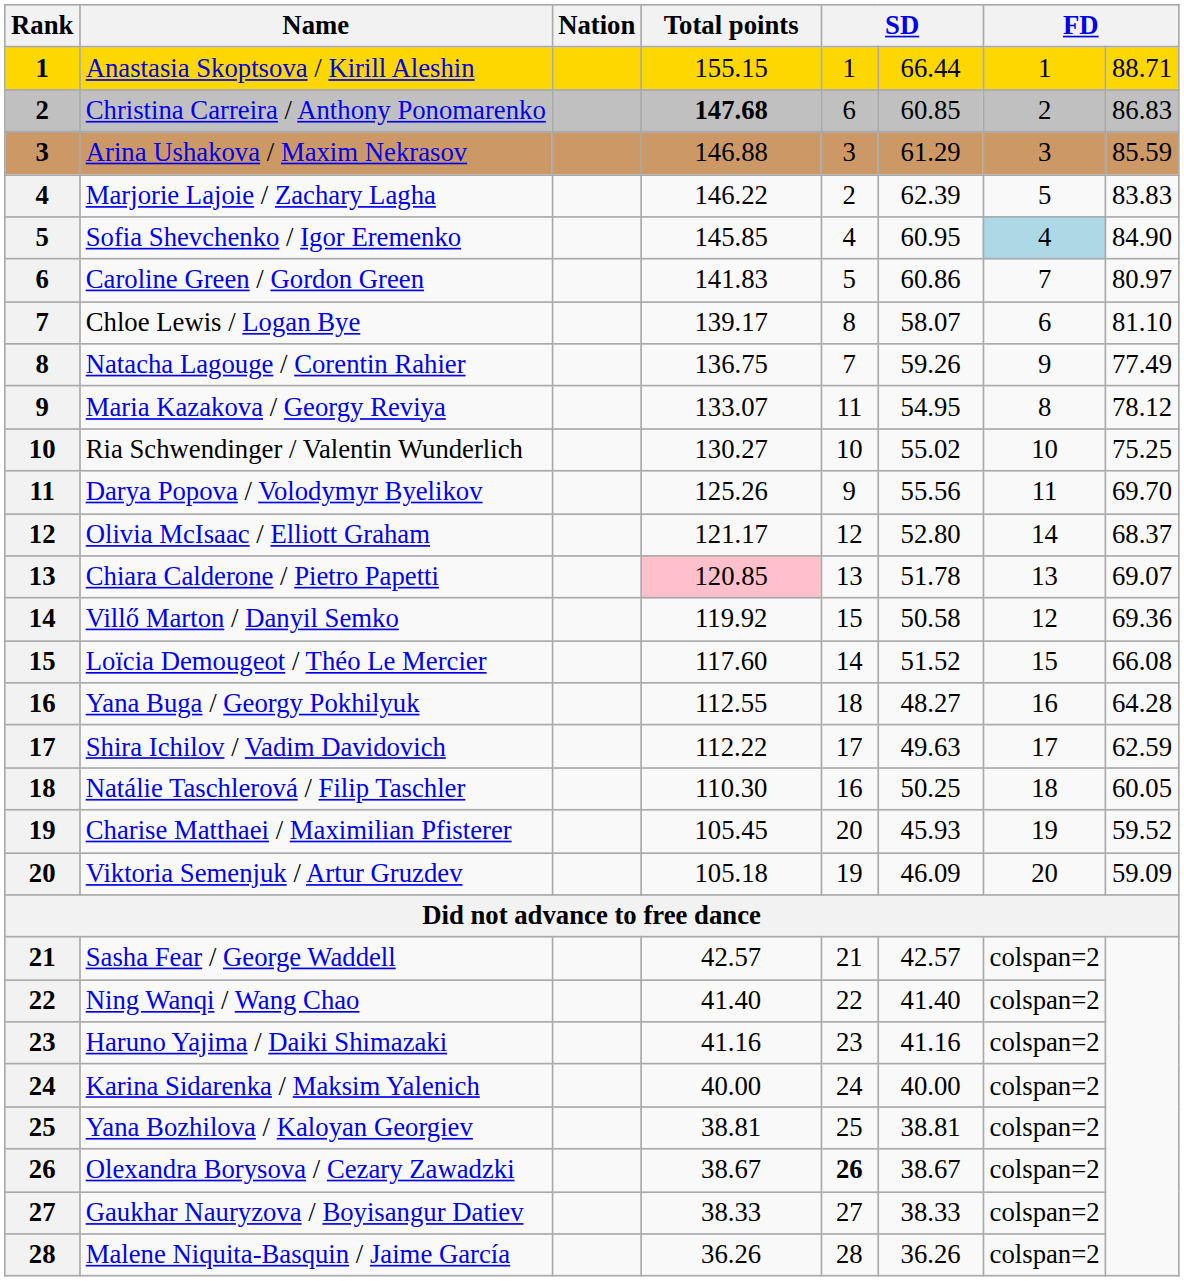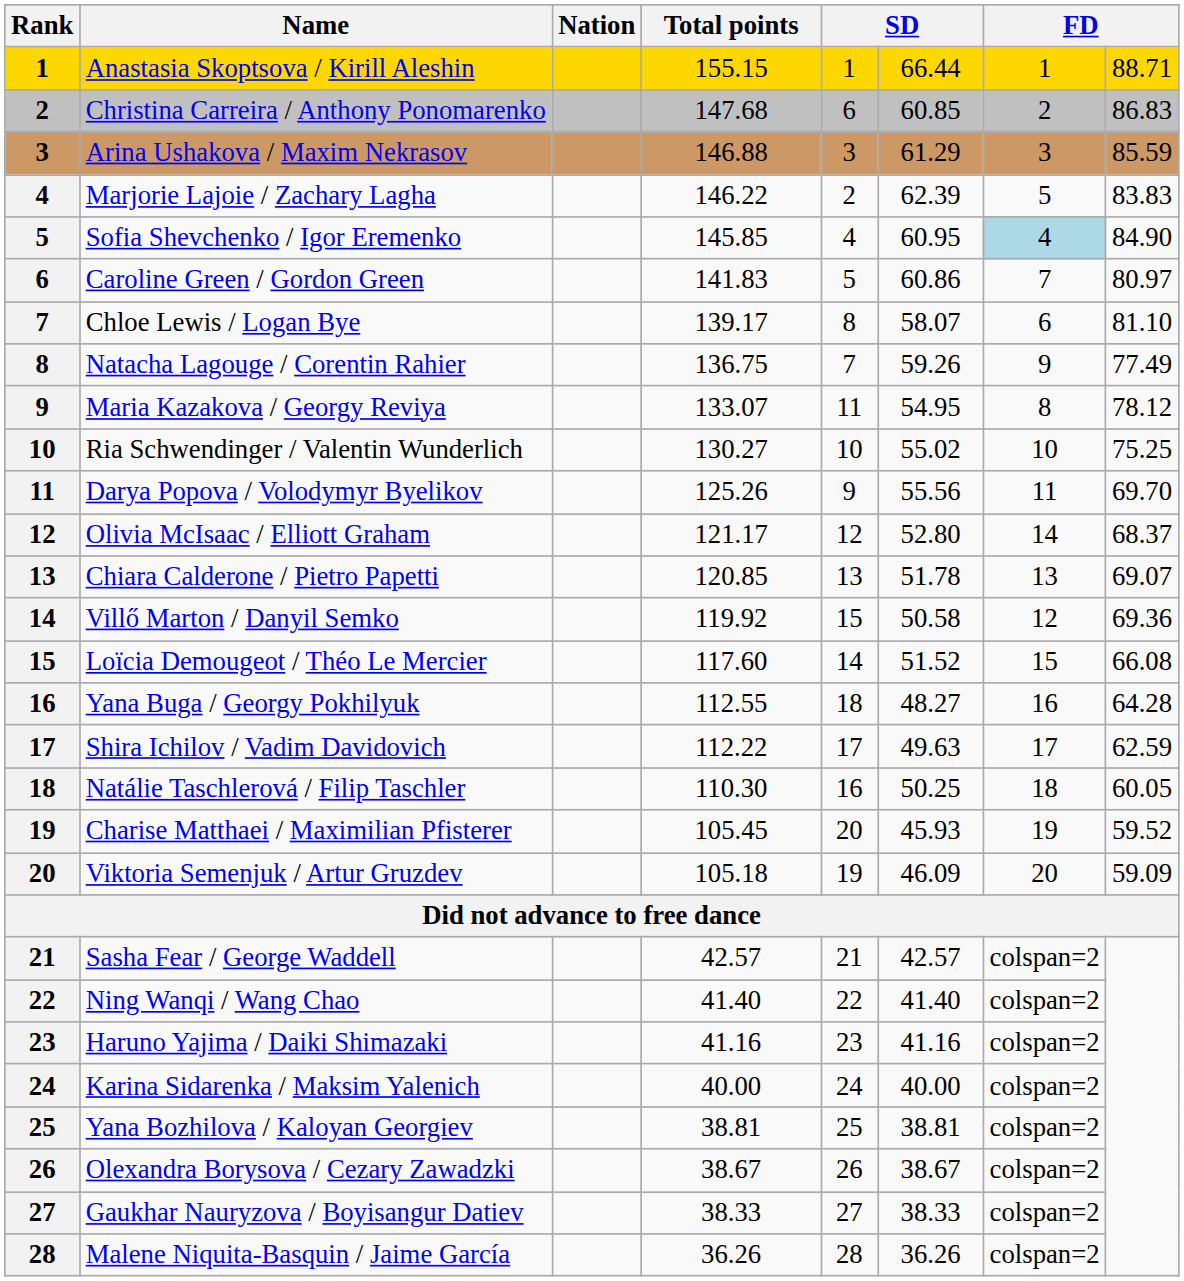 <table class="wikitable sortable">
 <tr>
 <th>Rank</th>
 <th>Name</th>
 <th>Nation</th>
 <th width="100px">Total points</th>
 <th colspan="2" width="90px"><a href='#'>SD</a></th>
 <th colspan="2" width="90px"><a href='#'>FD</a></th>
 </tr>
 <tr bgcolor="gold">
 <td align="center" bgcolor="gold"><strong>1</strong></td>
 <td><a href='#'>Anastasia Skoptsova</a> / <a href='#'>Kirill Aleshin</a></td>
 <td></td>
 <td align="center">155.15</td>
 <td align="center">1</td>
 <td align="center">66.44</td>
 <td align="center">1</td>
 <td align="center">88.71</td>
 </tr>
 <tr bgcolor="silver">
 <td align="center" bgcolor="silver"><strong>2</strong></td>
 <td><a href='#'>Christina Carreira</a> / <a href='#'>Anthony Ponomarenko</a></td>
 <td></td>
-<td align="center"><strong>147.68</strong></td>
+<td align="center">147.68</td>
 <td align="center">6</td>
 <td align="center">60.85</td>
 <td align="center">2</td>
 <td align="center">86.83</td>
 </tr>
 <tr>
 </tr>
 <tr bgcolor="#cc9966">
 <td align="center" bgcolor="#cc9966"><strong>3</strong></td>
 <td><a href='#'>Arina Ushakova</a> / <a href='#'>Maxim Nekrasov</a></td>
 <td></td>
 <td align="center">146.88</td>
 <td align="center">3</td>
 <td align="center">61.29</td>
 <td align="center">3</td>
 <td align="center">85.59</td>
 </tr>
 <tr>
 <th>4</th>
 <td><a href='#'>Marjorie Lajoie</a> / <a href='#'>Zachary Lagha</a></td>
 <td></td>
 <td align="center">146.22</td>
 <td align="center">2</td>
 <td align="center">62.39</td>
 <td align="center">5</td>
 <td align="center">83.83</td>
 </tr>
 <tr>
 <th>5</th>
 <td><a href='#'>Sofia Shevchenko</a> / <a href='#'>Igor Eremenko</a></td>
 <td></td>
 <td align="center">145.85</td>
 <td align="center">4</td>
 <td align="center">60.95</td>
 <td align="center" style="background: lightblue;">4</td>
 <td align="center">84.90</td>
 </tr>
 <tr>
 <th>6</th>
 <td><a href='#'>Caroline Green</a> / <a href='#'>Gordon Green</a></td>
 <td></td>
 <td align="center">141.83</td>
 <td align="center">5</td>
 <td align="center">60.86</td>
 <td align="center">7</td>
 <td align="center">80.97</td>
 </tr>
 <tr>
 <th>7</th>
 <td>Chloe Lewis / <a href='#'>Logan Bye</a></td>
 <td></td>
 <td align="center">139.17</td>
 <td align="center">8</td>
 <td align="center">58.07</td>
 <td align="center">6</td>
 <td align="center">81.10</td>
 </tr>
 <tr>
 <th>8</th>
 <td><a href='#'>Natacha Lagouge</a> / <a href='#'>Corentin Rahier</a></td>
 <td></td>
 <td align="center">136.75</td>
 <td align="center">7</td>
 <td align="center">59.26</td>
 <td align="center">9</td>
 <td align="center">77.49</td>
 </tr>
 <tr>
 <th>9</th>
 <td><a href='#'>Maria Kazakova</a> / <a href='#'>Georgy Reviya</a></td>
 <td></td>
 <td align="center">133.07</td>
 <td align="center">11</td>
 <td align="center">54.95</td>
 <td align="center">8</td>
 <td align="center">78.12</td>
 </tr>
 <tr>
 <th>10</th>
 <td>Ria Schwendinger / Valentin Wunderlich</td>
 <td></td>
 <td align="center">130.27</td>
 <td align="center">10</td>
 <td align="center">55.02</td>
 <td align="center">10</td>
 <td align="center">75.25</td>
 </tr>
 <tr>
 <th>11</th>
 <td><a href='#'>Darya Popova</a> / <a href='#'>Volodymyr Byelikov</a></td>
 <td></td>
 <td align="center">125.26</td>
 <td align="center">9</td>
 <td align="center">55.56</td>
 <td align="center">11</td>
 <td align="center">69.70</td>
 </tr>
 <tr>
 <th>12</th>
 <td><a href='#'>Olivia McIsaac</a> / <a href='#'>Elliott Graham</a></td>
 <td></td>
 <td align="center">121.17</td>
 <td align="center">12</td>
 <td align="center">52.80</td>
 <td align="center">14</td>
 <td align="center">68.37</td>
 </tr>
 <tr>
 <th>13</th>
 <td><a href='#'>Chiara Calderone</a> / <a href='#'>Pietro Papetti</a></td>
 <td></td>
-<td align="center" style="background: pink;">120.85</td>
+<td align="center">120.85</td>
 <td align="center">13</td>
 <td align="center">51.78</td>
 <td align="center">13</td>
 <td align="center">69.07</td>
 </tr>
 <tr>
 <th>14</th>
 <td><a href='#'>Villő Marton</a> / <a href='#'>Danyil Semko</a></td>
 <td></td>
 <td align="center">119.92</td>
 <td align="center">15</td>
 <td align="center">50.58</td>
 <td align="center">12</td>
 <td align="center">69.36</td>
 </tr>
 <tr>
 <th>15</th>
 <td><a href='#'>Loïcia Demougeot</a> / <a href='#'>Théo Le Mercier</a></td>
 <td></td>
 <td align="center">117.60</td>
 <td align="center">14</td>
 <td align="center">51.52</td>
 <td align="center">15</td>
 <td align="center">66.08</td>
 </tr>
 <tr>
 <th>16</th>
 <td><a href='#'>Yana Buga</a> / <a href='#'>Georgy Pokhilyuk</a></td>
 <td></td>
 <td align="center">112.55</td>
 <td align="center">18</td>
 <td align="center">48.27</td>
 <td align="center">16</td>
 <td align="center">64.28</td>
 </tr>
 <tr>
 <th>17</th>
 <td><a href='#'>Shira Ichilov</a> / <a href='#'>Vadim Davidovich</a></td>
 <td></td>
 <td align="center">112.22</td>
 <td align="center">17</td>
 <td align="center">49.63</td>
 <td align="center">17</td>
 <td align="center">62.59</td>
 </tr>
 <tr>
 <th>18</th>
 <td><a href='#'>Natálie Taschlerová</a> / <a href='#'>Filip Taschler</a></td>
 <td></td>
 <td align="center">110.30</td>
 <td align="center">16</td>
 <td align="center">50.25</td>
 <td align="center">18</td>
 <td align="center">60.05</td>
 </tr>
 <tr>
 <th>19</th>
 <td><a href='#'>Charise Matthaei</a> / <a href='#'>Maximilian Pfisterer</a></td>
 <td></td>
 <td align="center">105.45</td>
 <td align="center">20</td>
 <td align="center">45.93</td>
 <td align="center">19</td>
 <td align="center">59.52</td>
 </tr>
 <tr>
 <th>20</th>
 <td><a href='#'>Viktoria Semenjuk</a> / <a href='#'>Artur Gruzdev</a></td>
 <td></td>
 <td align="center">105.18</td>
 <td align="center">19</td>
 <td align="center">46.09</td>
 <td align="center">20</td>
 <td align="center">59.09</td>
 </tr>
 <tr>
 <th colspan=8>Did not advance to free dance</th>
 </tr>
 <tr>
 <th>21</th>
 <td><a href='#'>Sasha Fear</a> / <a href='#'>George Waddell</a></td>
 <td></td>
 <td align="center">42.57</td>
 <td align="center">21</td>
 <td align="center">42.57</td>
 <td>colspan=2 </td>
 </tr>
 <tr>
 <th>22</th>
 <td><a href='#'>Ning Wanqi</a> / <a href='#'>Wang Chao</a></td>
 <td></td>
 <td align="center">41.40</td>
 <td align="center">22</td>
 <td align="center">41.40</td>
 <td>colspan=2 </td>
 </tr>
 <tr>
 <th>23</th>
 <td><a href='#'>Haruno Yajima</a> / <a href='#'>Daiki Shimazaki</a></td>
 <td></td>
 <td align="center">41.16</td>
 <td align="center">23</td>
 <td align="center">41.16</td>
 <td>colspan=2 </td>
 </tr>
 <tr>
 <th>24</th>
 <td><a href='#'>Karina Sidarenka</a> / <a href='#'>Maksim Yalenich</a></td>
 <td></td>
 <td align="center">40.00</td>
 <td align="center">24</td>
 <td align="center">40.00</td>
 <td>colspan=2 </td>
 </tr>
 <tr>
 <th>25</th>
 <td><a href='#'>Yana Bozhilova</a> / <a href='#'>Kaloyan Georgiev</a></td>
 <td></td>
 <td align="center">38.81</td>
 <td align="center">25</td>
 <td align="center">38.81</td>
 <td>colspan=2 </td>
 </tr>
 <tr>
 <th>26</th>
 <td><a href='#'>Olexandra Borysova</a> / <a href='#'>Cezary Zawadzki</a></td>
 <td></td>
 <td align="center">38.67</td>
-<td align="center"><strong>26</strong></td>
+<td align="center">26</td>
 <td align="center">38.67</td>
 <td>colspan=2 </td>
 </tr>
 <tr>
 <th>27</th>
 <td><a href='#'>Gaukhar Nauryzova</a> / <a href='#'>Boyisangur Datiev</a></td>
 <td></td>
 <td align="center">38.33</td>
 <td align="center">27</td>
 <td align="center">38.33</td>
 <td>colspan=2 </td>
 </tr>
 <tr>
 <th>28</th>
 <td><a href='#'>Malene Niquita-Basquin</a> / <a href='#'>Jaime García</a></td>
 <td></td>
 <td align="center">36.26</td>
 <td align="center">28</td>
 <td align="center">36.26</td>
 <td>colspan=2 </td>
 </tr>
 </table>
